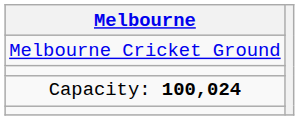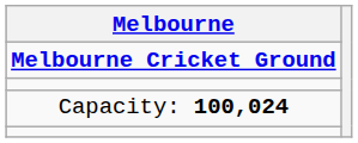 <table class="wikitable" style="margin:0.5em auto; text-align:center">
 <tr>
 <th><a href='#'>Melbourne</a></th>
 <th rowspan="5"><br></th>
 </tr>
 <tr>
-<td><a href='#'>Melbourne Cricket Ground</a></td>
+<td><strong><a href='#'>Melbourne Cricket Ground</a></strong></td>
 </tr>
 <tr>
 <td><small></small></td>
 </tr>
 <tr>
 <td>Capacity: <strong>100,024</strong></td>
 </tr>
 <tr>
 <td></td>
 </tr>
 </table>
